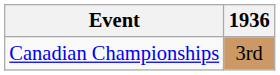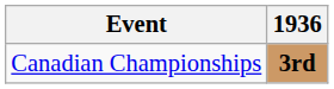 <table class="wikitable">
 <tr>
 <th>Event</th>
 <th>1936</th>
 </tr>
 <tr>
 <td><a href='#'>Canadian Championships</a></td>
-<td align="center" bgcolor="cc9966">3rd</td>
+<td align="center" bgcolor="cc9966"><strong>3rd</strong></td>
 </tr>
 </table>
